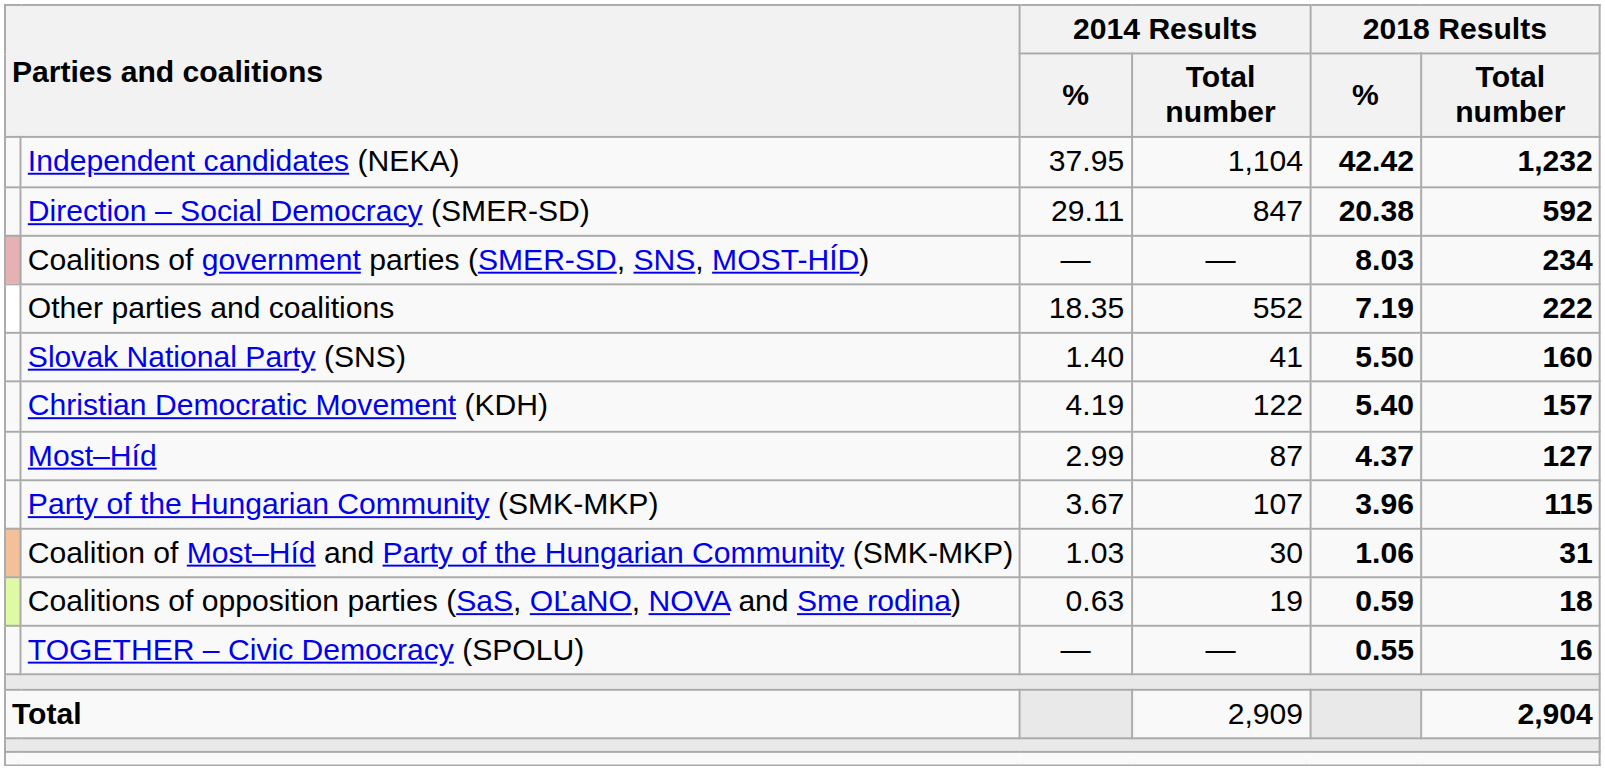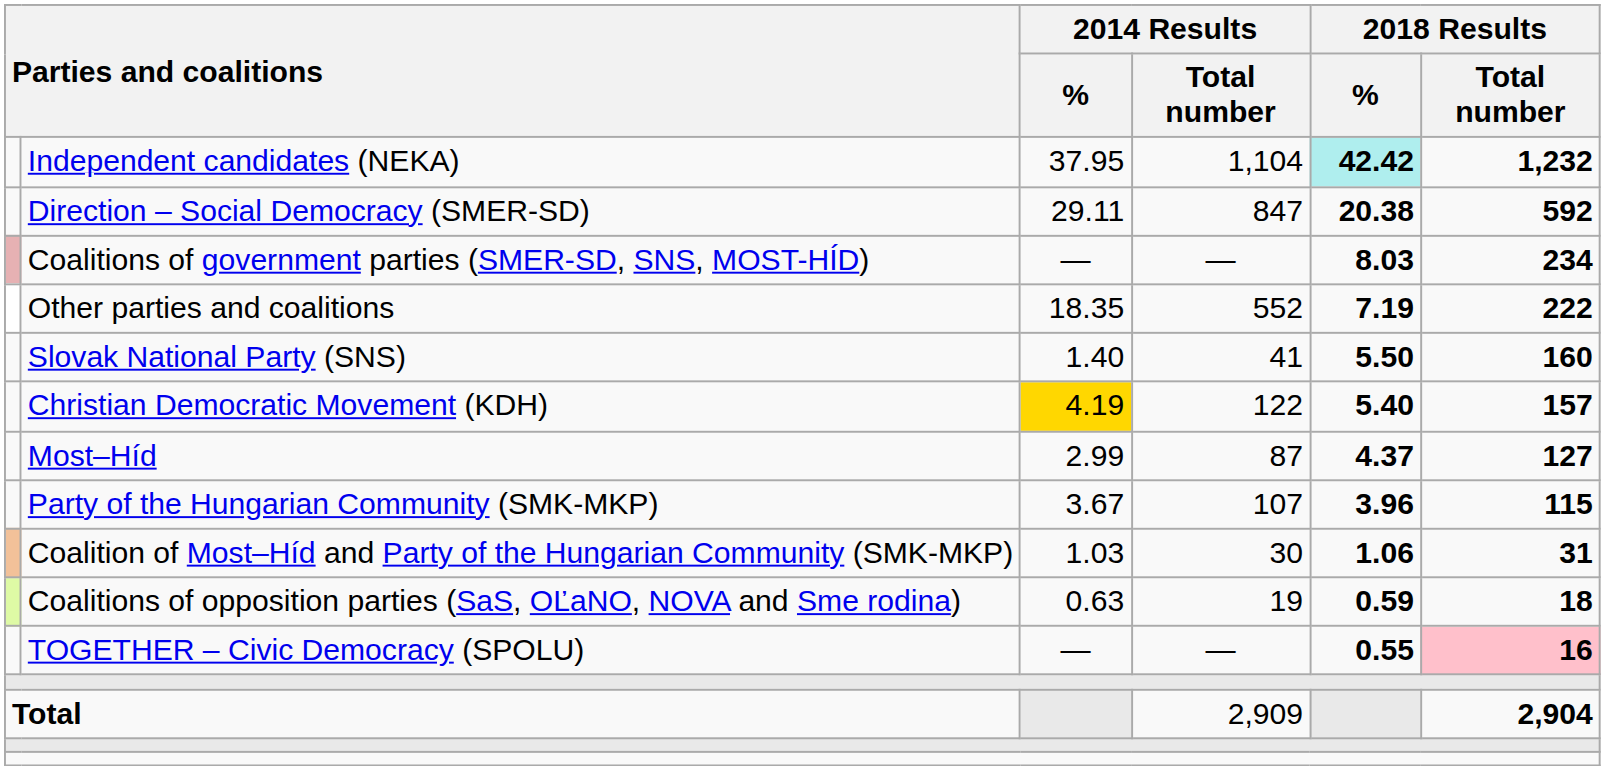 <table class="wikitable" style="text-align:right; font-size:97%;">
 <tr>
 <th style="text-align:left;" rowspan="2" colspan="2" width="450">Parties and coalitions</th>
 <th colspan="2">2014 Results</th>
 <th colspan="2">2018 Results</th>
 </tr>
 <tr>
 <th width="50">%</th>
 <th width="85">Total number</th>
 <th width="50">%</th>
 <th width="85">Total number</th>
 </tr>
 <tr>
 <td width="1" style="color:inherit;background:"></td>
 <td align="left"><a href='#'>Independent candidates</a> (NEKA)</td>
 <td>37.95</td>
 <td>1,104</td>
-<td><strong>42.42</strong></td>
+<td style="background: paleturquoise;"><strong>42.42</strong></td>
 <td><strong>1,232</strong></td>
 </tr>
 <tr>
 <td style="color:inherit;background:"></td>
 <td align="left"><a href='#'>Direction – Social Democracy</a> (SMER-SD)</td>
 <td>29.11</td>
 <td>847</td>
 <td><strong>20.38</strong></td>
 <td><strong>592</strong></td>
 </tr>
 <tr>
 <td style="color:inherit;background:#e6b1b3"></td>
 <td align="left">Coalitions of <a href='#'>government</a> parties (<a href='#'>SMER-SD</a>, <a href='#'>SNS</a>, <a href='#'>MOST-HÍD</a>)</td>
 <td align="center">—</td>
 <td align="center">—</td>
 <td><strong>8.03</strong></td>
 <td><strong>234</strong></td>
 </tr>
 <tr>
 <td bgcolor="white"></td>
 <td align="left">Other parties and coalitions</td>
 <td>18.35</td>
 <td>552</td>
 <td><strong>7.19</strong></td>
 <td><strong>222</strong></td>
 </tr>
 <tr>
 <td style="color:inherit;background:"></td>
 <td align="left"><a href='#'>Slovak National Party</a> (SNS)</td>
 <td>1.40</td>
 <td>41</td>
 <td><strong>5.50</strong></td>
 <td><strong>160</strong></td>
 </tr>
 <tr>
 <td style="color:inherit;background:"></td>
 <td align="left"><a href='#'>Christian Democratic Movement</a> (KDH)</td>
-<td>4.19</td>
+<td style="background: gold;">4.19</td>
 <td>122</td>
 <td><strong>5.40</strong></td>
 <td><strong>157</strong></td>
 </tr>
 <tr>
 <td style="color:inherit;background:"></td>
 <td align="left"><a href='#'>Most–Híd</a></td>
 <td>2.99</td>
 <td>87</td>
 <td><strong>4.37</strong></td>
 <td><strong>127</strong></td>
 </tr>
 <tr>
 <td style="color:inherit;background:"></td>
 <td align="left"><a href='#'>Party of the Hungarian Community</a> (SMK-MKP)</td>
 <td>3.67</td>
 <td>107</td>
 <td><strong>3.96</strong></td>
 <td><strong>115</strong></td>
 </tr>
 <tr>
 <td style="color:inherit;background:#f2c199"></td>
 <td align="left">Coalition of <a href='#'>Most–Híd</a> and <a href='#'>Party of the Hungarian Community</a> (SMK-MKP)</td>
 <td>1.03</td>
 <td>30</td>
 <td><strong>1.06</strong></td>
 <td><strong>31</strong></td>
 </tr>
 <tr>
 <td style="color:inherit;background:#defaa5"></td>
 <td align="left">Coalitions of opposition parties (<a href='#'>SaS</a>, <a href='#'>OĽaNO</a>, <a href='#'>NOVA</a> and <a href='#'>Sme rodina</a>)</td>
 <td>0.63</td>
 <td>19</td>
 <td><strong>0.59</strong></td>
 <td><strong>18</strong></td>
 </tr>
 <tr>
 <td style="color:inherit;background:"></td>
 <td align="left"><a href='#'>TOGETHER – Civic Democracy</a> (SPOLU)</td>
 <td align="center">—</td>
 <td align="center">—</td>
 <td><strong>0.55</strong></td>
-<td><strong>16</strong></td>
+<td style="background: pink;"><strong>16</strong></td>
 </tr>
 <tr>
 <td colspan="7" bgcolor="#E9E9E9"></td>
 </tr>
 <tr>
 <td align="left" colspan="2"><strong>Total</strong></td>
 <td bgcolor="#E9E9E9"></td>
 <td>2,909</td>
 <td bgcolor="#E9E9E9"></td>
 <td><strong>2,904</strong></td>
 </tr>
 <tr>
 <td colspan="7" bgcolor="#E9E9E9"></td>
 </tr>
 <tr>
 <td colspan="7"></td>
 </tr>
 </table>
